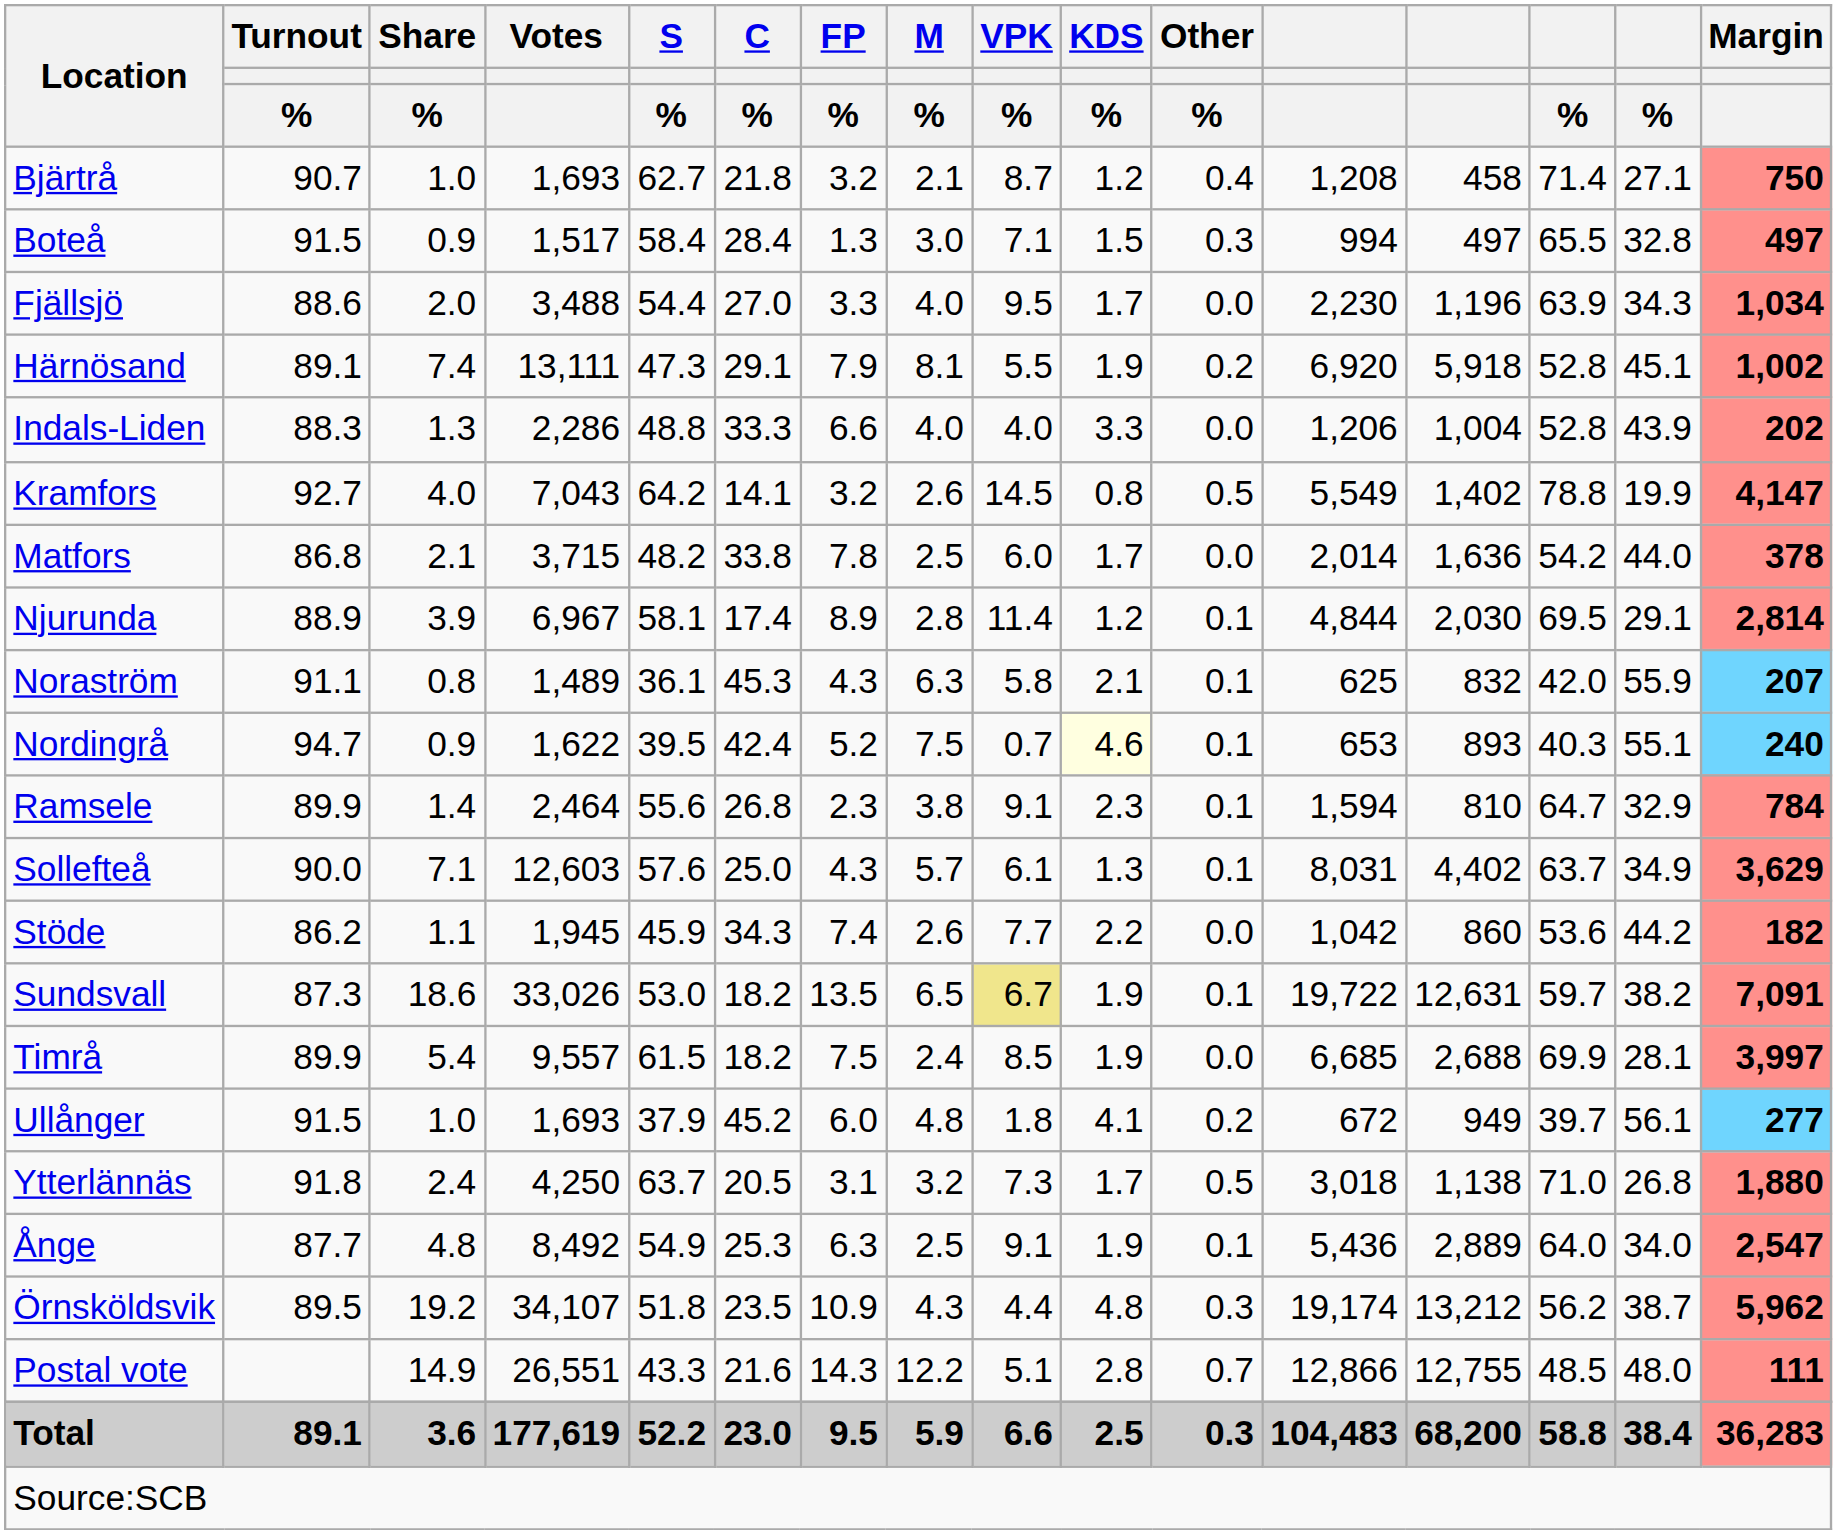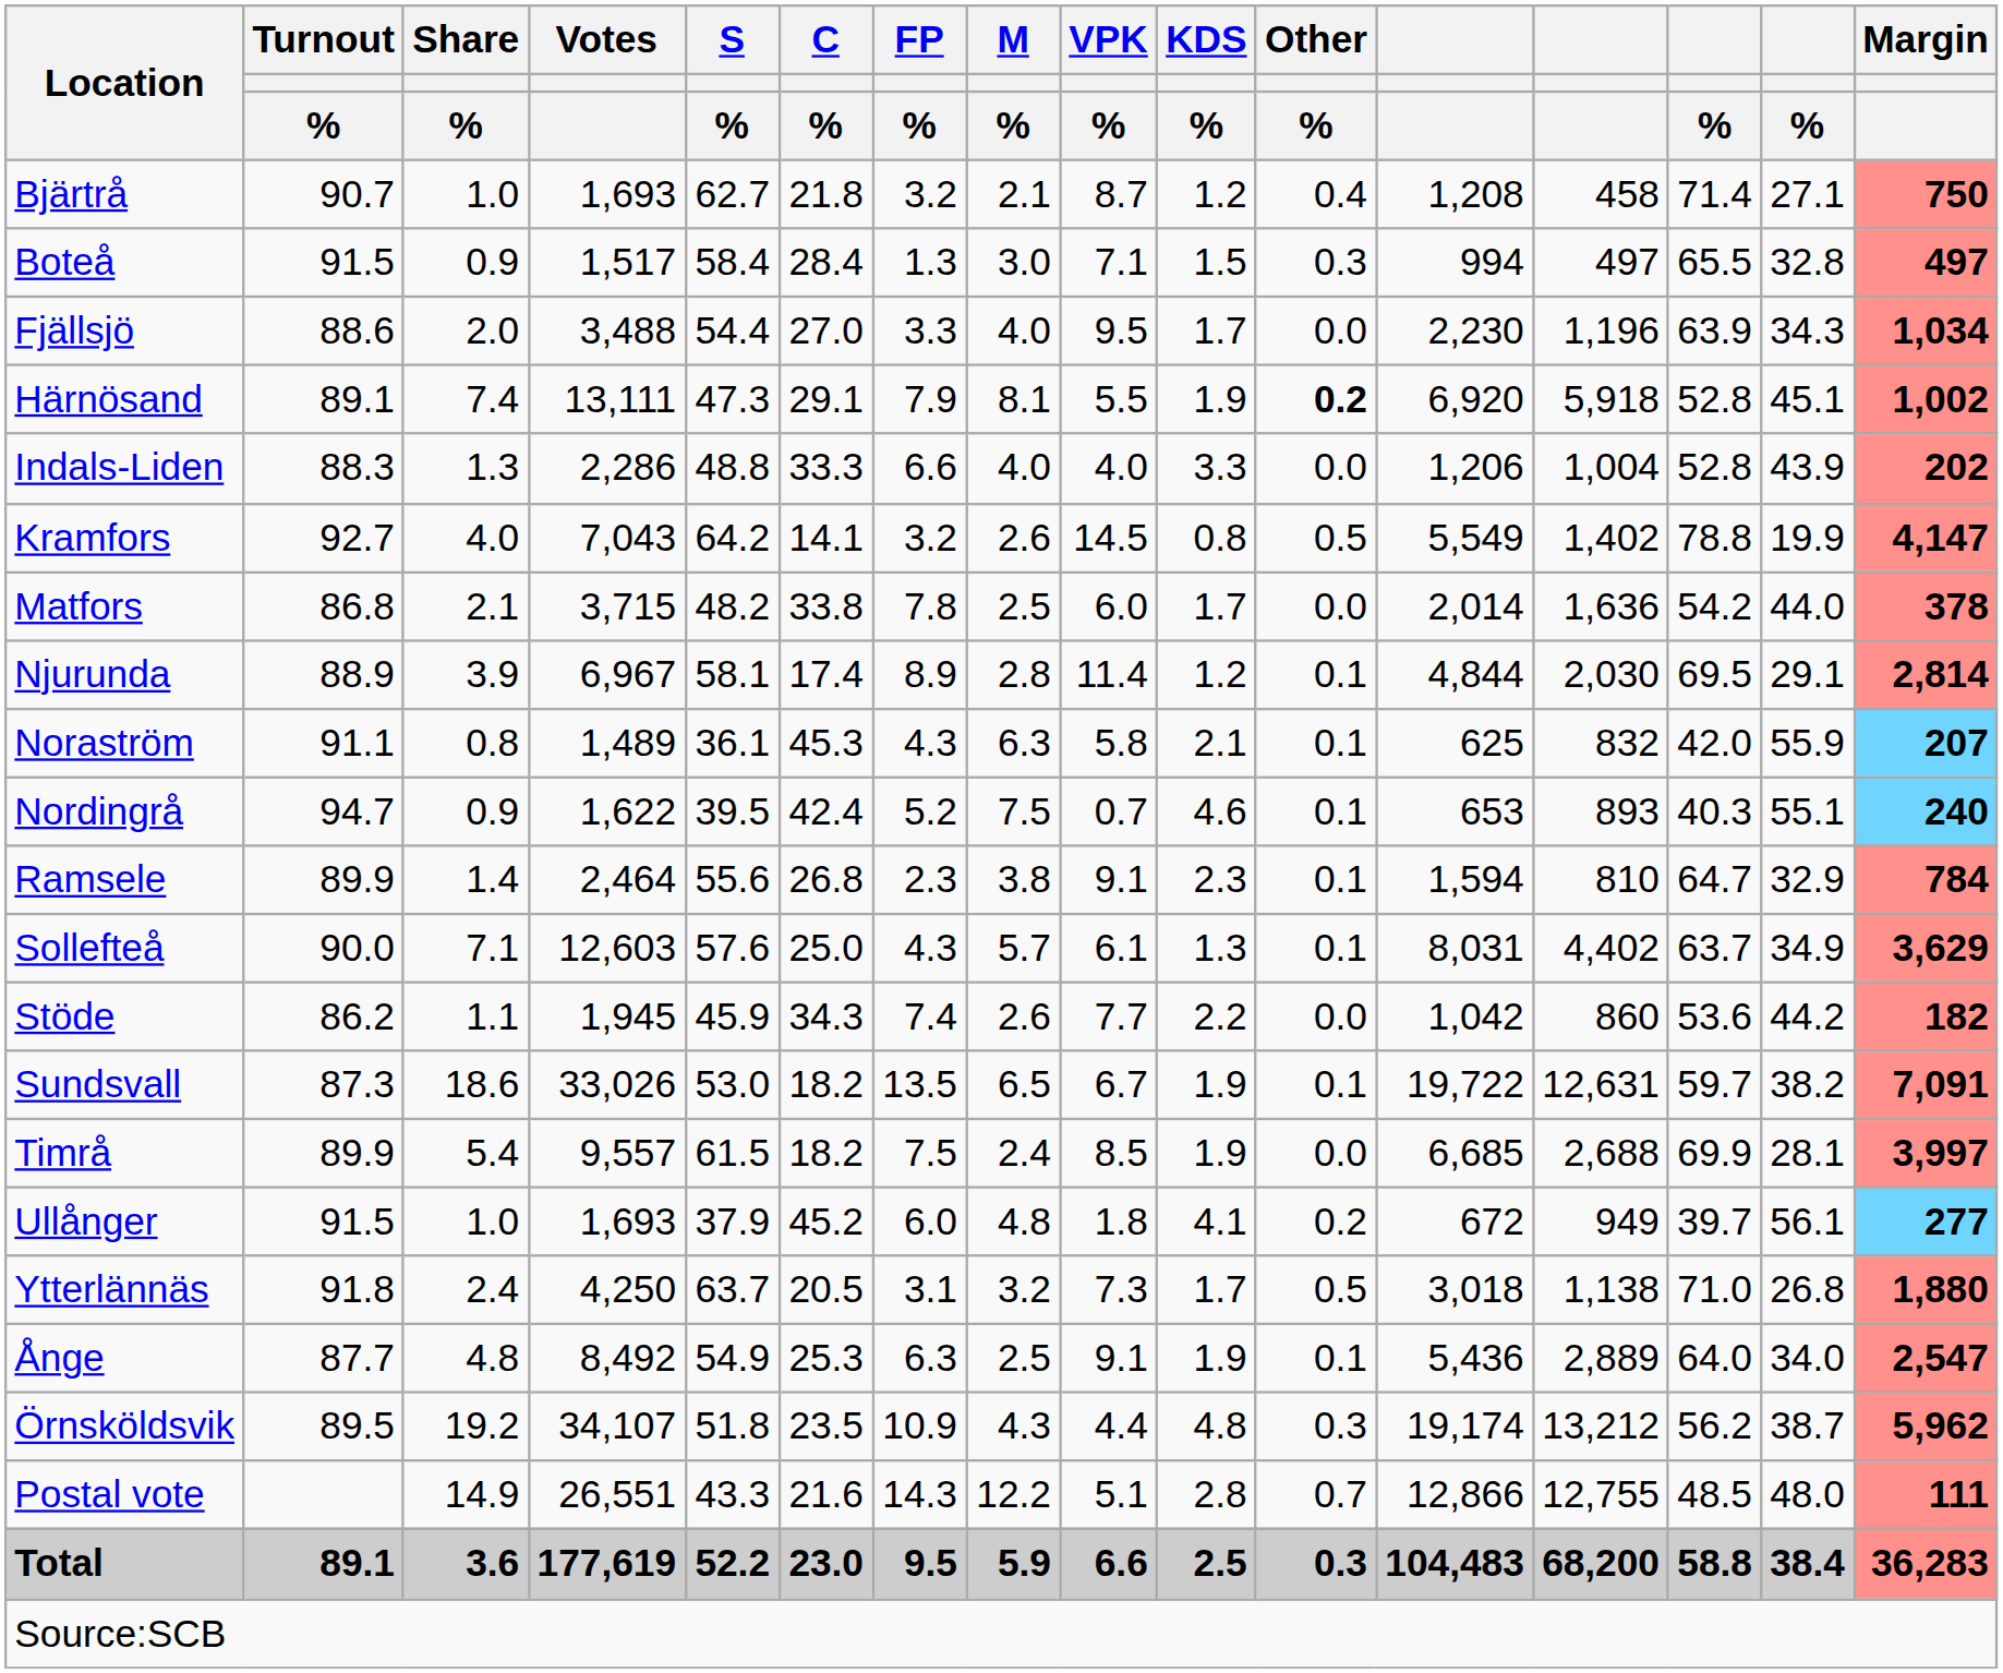 <table class="wikitable sortable" style="text-align:right; font-size:95%; line-height:20px;">
 <tr>
 <th rowspan="3">Location</th>
 <th>Turnout</th>
 <th>Share</th>
 <th>Votes</th>
 <th width="30px" class="unsortable"><a href='#'>S</a></th>
 <th width="30px" class="unsortable"><a href='#'>C</a></th>
 <th width="30px" class="unsortable"><a href='#'>FP</a></th>
 <th width="30px" class="unsortable"><a href='#'>M</a></th>
 <th width="30px" class="unsortable"><a href='#'>VPK</a></th>
 <th width="30px" class="unsortable"><a href='#'>KDS</a></th>
 <th width="30px" class="unsortable">Other</th>
 <th></th>
 <th></th>
 <th></th>
 <th></th>
 <th>Margin</th>
 </tr>
 <tr>
 <th></th>
 <th></th>
 <th></th>
 <th style="background:"></th>
 <th style="background:"></th>
 <th style="background:"></th>
 <th style="background:"></th>
 <th style="background:"></th>
 <th style="background:"></th>
 <th style="background:"></th>
 <th style="background:"></th>
 <th style="background:"></th>
 <th style="background:"></th>
 <th style="background:"></th>
 <th></th>
 </tr>
 <tr>
 <th data-sort-type="number">%</th>
 <th data-sort-type="number">%</th>
 <th></th>
 <th data-sort-type="number">%</th>
 <th data-sort-type="number">%</th>
 <th data-sort-type="number">%</th>
 <th data-sort-type="number">%</th>
 <th data-sort-type="number">%</th>
 <th data-sort-type="number">%</th>
 <th data-sort-type="number">%</th>
 <th data-sort-type="number"></th>
 <th data-sort-type="number"></th>
 <th data-sort-type="number">%</th>
 <th data-sort-type="number">%</th>
 <th data-sort-type="number"></th>
 </tr>
 <tr>
 <td align=left><a href='#'>Bjärtrå</a></td>
 <td>90.7</td>
 <td>1.0</td>
 <td>1,693</td>
 <td>62.7</td>
 <td>21.8</td>
 <td>3.2</td>
 <td>2.1</td>
 <td>8.7</td>
 <td>1.2</td>
 <td>0.4</td>
 <td>1,208</td>
 <td>458</td>
 <td>71.4</td>
 <td>27.1</td>
 <td bgcolor=#ff908c><strong>750</strong></td>
 </tr>
 <tr>
 <td align=left><a href='#'>Boteå</a></td>
 <td>91.5</td>
 <td>0.9</td>
 <td>1,517</td>
 <td>58.4</td>
 <td>28.4</td>
 <td>1.3</td>
 <td>3.0</td>
 <td>7.1</td>
 <td>1.5</td>
 <td>0.3</td>
 <td>994</td>
 <td>497</td>
 <td>65.5</td>
 <td>32.8</td>
 <td bgcolor=#ff908c><strong>497</strong></td>
 </tr>
 <tr>
 <td align=left><a href='#'>Fjällsjö</a></td>
 <td>88.6</td>
 <td>2.0</td>
 <td>3,488</td>
 <td>54.4</td>
 <td>27.0</td>
 <td>3.3</td>
 <td>4.0</td>
 <td>9.5</td>
 <td>1.7</td>
 <td>0.0</td>
 <td>2,230</td>
 <td>1,196</td>
 <td>63.9</td>
 <td>34.3</td>
 <td bgcolor=#ff908c><strong>1,034</strong></td>
 </tr>
 <tr>
 <td align=left><a href='#'>Härnösand</a></td>
 <td>89.1</td>
 <td>7.4</td>
 <td>13,111</td>
 <td>47.3</td>
 <td>29.1</td>
 <td>7.9</td>
 <td>8.1</td>
 <td>5.5</td>
 <td>1.9</td>
-<td>0.2</td>
+<td><strong>0.2</strong></td>
 <td>6,920</td>
 <td>5,918</td>
 <td>52.8</td>
 <td>45.1</td>
 <td bgcolor=#ff908c><strong>1,002</strong></td>
 </tr>
 <tr>
 <td align=left><a href='#'>Indals-Liden</a></td>
 <td>88.3</td>
 <td>1.3</td>
 <td>2,286</td>
 <td>48.8</td>
 <td>33.3</td>
 <td>6.6</td>
 <td>4.0</td>
 <td>4.0</td>
 <td>3.3</td>
 <td>0.0</td>
 <td>1,206</td>
 <td>1,004</td>
 <td>52.8</td>
 <td>43.9</td>
 <td bgcolor=#ff908c><strong>202</strong></td>
 </tr>
 <tr>
 <td align=left><a href='#'>Kramfors</a></td>
 <td>92.7</td>
 <td>4.0</td>
 <td>7,043</td>
 <td>64.2</td>
 <td>14.1</td>
 <td>3.2</td>
 <td>2.6</td>
 <td>14.5</td>
 <td>0.8</td>
 <td>0.5</td>
 <td>5,549</td>
 <td>1,402</td>
 <td>78.8</td>
 <td>19.9</td>
 <td bgcolor=#ff908c><strong>4,147</strong></td>
 </tr>
 <tr>
 <td align=left><a href='#'>Matfors</a></td>
 <td>86.8</td>
 <td>2.1</td>
 <td>3,715</td>
 <td>48.2</td>
 <td>33.8</td>
 <td>7.8</td>
 <td>2.5</td>
 <td>6.0</td>
 <td>1.7</td>
 <td>0.0</td>
 <td>2,014</td>
 <td>1,636</td>
 <td>54.2</td>
 <td>44.0</td>
 <td bgcolor=#ff908c><strong>378</strong></td>
 </tr>
 <tr>
 <td align=left><a href='#'>Njurunda</a></td>
 <td>88.9</td>
 <td>3.9</td>
 <td>6,967</td>
 <td>58.1</td>
 <td>17.4</td>
 <td>8.9</td>
 <td>2.8</td>
 <td>11.4</td>
 <td>1.2</td>
 <td>0.1</td>
 <td>4,844</td>
 <td>2,030</td>
 <td>69.5</td>
 <td>29.1</td>
 <td bgcolor=#ff908c><strong>2,814</strong></td>
 </tr>
 <tr>
 <td align=left><a href='#'>Noraström</a></td>
 <td>91.1</td>
 <td>0.8</td>
 <td>1,489</td>
 <td>36.1</td>
 <td>45.3</td>
 <td>4.3</td>
 <td>6.3</td>
 <td>5.8</td>
 <td>2.1</td>
 <td>0.1</td>
 <td>625</td>
 <td>832</td>
 <td>42.0</td>
 <td>55.9</td>
 <td bgcolor=#6fd5fe><strong>207</strong></td>
 </tr>
 <tr>
 <td align=left><a href='#'>Nordingrå</a></td>
 <td>94.7</td>
 <td>0.9</td>
 <td>1,622</td>
 <td>39.5</td>
 <td>42.4</td>
 <td>5.2</td>
 <td>7.5</td>
 <td>0.7</td>
-<td style="background: lightyellow;">4.6</td>
+<td>4.6</td>
 <td>0.1</td>
 <td>653</td>
 <td>893</td>
 <td>40.3</td>
 <td>55.1</td>
 <td bgcolor=#6fd5fe><strong>240</strong></td>
 </tr>
 <tr>
 <td align=left><a href='#'>Ramsele</a></td>
 <td>89.9</td>
 <td>1.4</td>
 <td>2,464</td>
 <td>55.6</td>
 <td>26.8</td>
 <td>2.3</td>
 <td>3.8</td>
 <td>9.1</td>
 <td>2.3</td>
 <td>0.1</td>
 <td>1,594</td>
 <td>810</td>
 <td>64.7</td>
 <td>32.9</td>
 <td bgcolor=#ff908c><strong>784</strong></td>
 </tr>
 <tr>
 <td align=left><a href='#'>Sollefteå</a></td>
 <td>90.0</td>
 <td>7.1</td>
 <td>12,603</td>
 <td>57.6</td>
 <td>25.0</td>
 <td>4.3</td>
 <td>5.7</td>
 <td>6.1</td>
 <td>1.3</td>
 <td>0.1</td>
 <td>8,031</td>
 <td>4,402</td>
 <td>63.7</td>
 <td>34.9</td>
 <td bgcolor=#ff908c><strong>3,629</strong></td>
 </tr>
 <tr>
 <td align=left><a href='#'>Stöde</a></td>
 <td>86.2</td>
 <td>1.1</td>
 <td>1,945</td>
 <td>45.9</td>
 <td>34.3</td>
 <td>7.4</td>
 <td>2.6</td>
 <td>7.7</td>
 <td>2.2</td>
 <td>0.0</td>
 <td>1,042</td>
 <td>860</td>
 <td>53.6</td>
 <td>44.2</td>
 <td bgcolor=#ff908c><strong>182</strong></td>
 </tr>
 <tr>
 <td align=left><a href='#'>Sundsvall</a></td>
 <td>87.3</td>
 <td>18.6</td>
 <td>33,026</td>
 <td>53.0</td>
 <td>18.2</td>
 <td>13.5</td>
 <td>6.5</td>
-<td style="background: khaki;">6.7</td>
+<td>6.7</td>
 <td>1.9</td>
 <td>0.1</td>
 <td>19,722</td>
 <td>12,631</td>
 <td>59.7</td>
 <td>38.2</td>
 <td bgcolor=#ff908c><strong>7,091</strong></td>
 </tr>
 <tr>
 <td align=left><a href='#'>Timrå</a></td>
 <td>89.9</td>
 <td>5.4</td>
 <td>9,557</td>
 <td>61.5</td>
 <td>18.2</td>
 <td>7.5</td>
 <td>2.4</td>
 <td>8.5</td>
 <td>1.9</td>
 <td>0.0</td>
 <td>6,685</td>
 <td>2,688</td>
 <td>69.9</td>
 <td>28.1</td>
 <td bgcolor=#ff908c><strong>3,997</strong></td>
 </tr>
 <tr>
 <td align=left><a href='#'>Ullånger</a></td>
 <td>91.5</td>
 <td>1.0</td>
 <td>1,693</td>
 <td>37.9</td>
 <td>45.2</td>
 <td>6.0</td>
 <td>4.8</td>
 <td>1.8</td>
 <td>4.1</td>
 <td>0.2</td>
 <td>672</td>
 <td>949</td>
 <td>39.7</td>
 <td>56.1</td>
 <td bgcolor=#6fd5fe><strong>277</strong></td>
 </tr>
 <tr>
 <td align=left><a href='#'>Ytterlännäs</a></td>
 <td>91.8</td>
 <td>2.4</td>
 <td>4,250</td>
 <td>63.7</td>
 <td>20.5</td>
 <td>3.1</td>
 <td>3.2</td>
 <td>7.3</td>
 <td>1.7</td>
 <td>0.5</td>
 <td>3,018</td>
 <td>1,138</td>
 <td>71.0</td>
 <td>26.8</td>
 <td bgcolor=#ff908c><strong>1,880</strong></td>
 </tr>
 <tr>
 <td align=left><a href='#'>Ånge</a></td>
 <td>87.7</td>
 <td>4.8</td>
 <td>8,492</td>
 <td>54.9</td>
 <td>25.3</td>
 <td>6.3</td>
 <td>2.5</td>
 <td>9.1</td>
 <td>1.9</td>
 <td>0.1</td>
 <td>5,436</td>
 <td>2,889</td>
 <td>64.0</td>
 <td>34.0</td>
 <td bgcolor=#ff908c><strong>2,547</strong></td>
 </tr>
 <tr>
 <td align=left><a href='#'>Örnsköldsvik</a></td>
 <td>89.5</td>
 <td>19.2</td>
 <td>34,107</td>
 <td>51.8</td>
 <td>23.5</td>
 <td>10.9</td>
 <td>4.3</td>
 <td>4.4</td>
 <td>4.8</td>
 <td>0.3</td>
 <td>19,174</td>
 <td>13,212</td>
 <td>56.2</td>
 <td>38.7</td>
 <td bgcolor=#ff908c><strong>5,962</strong></td>
 </tr>
 <tr>
 <td align=left><a href='#'>Postal vote</a></td>
 <td></td>
 <td>14.9</td>
 <td>26,551</td>
 <td>43.3</td>
 <td>21.6</td>
 <td>14.3</td>
 <td>12.2</td>
 <td>5.1</td>
 <td>2.8</td>
 <td>0.7</td>
 <td>12,866</td>
 <td>12,755</td>
 <td>48.5</td>
 <td>48.0</td>
 <td bgcolor=#ff908c><strong>111</strong></td>
 </tr>
 <tr>
 </tr>
 <tr style="background:#CDCDCD;">
 <td align=left><strong>Total</strong></td>
 <td><strong>89.1</strong></td>
 <td><strong>3.6</strong></td>
 <td><strong>177,619</strong></td>
 <td><strong>52.2</strong></td>
 <td><strong>23.0</strong></td>
 <td><strong>9.5</strong></td>
 <td><strong>5.9</strong></td>
 <td><strong>6.6</strong></td>
 <td><strong>2.5</strong></td>
 <td><strong>0.3</strong></td>
 <td><strong>104,483</strong></td>
 <td><strong>68,200</strong></td>
 <td><strong>58.8</strong></td>
 <td><strong>38.4</strong></td>
 <td bgcolor=#ff908c><strong>36,283</strong></td>
 </tr>
 <tr>
 <td align=left colspan=16>Source:SCB </td>
 </tr>
 </table>
